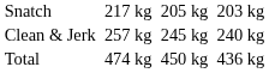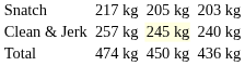 <table>
 <tr>
 <td>Snatch</td>
 <td></td>
 <td>217 kg</td>
 <td></td>
 <td>205 kg</td>
 <td></td>
 <td>203 kg</td>
 </tr>
 <tr>
 <td>Clean & Jerk</td>
 <td></td>
 <td>257 kg</td>
 <td></td>
-<td>245 kg</td>
+<td style="background: lightyellow;">245 kg</td>
 <td></td>
 <td>240 kg</td>
 </tr>
 <tr>
 <td>Total</td>
 <td></td>
 <td>474 kg</td>
 <td></td>
 <td>450 kg</td>
 <td></td>
 <td>436 kg</td>
 </tr>
 </table>
